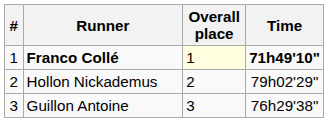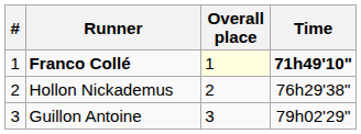 <table class="wikitable" style="font-size:95%;width:320px;">
 <tr>
 <th width=6%>#</th>
 <th width=54%>Runner</th>
 <th width=20%>Overall place</th>
 <th width=20%>Time</th>
 </tr>
 <tr>
 <td align=center>1</td>
 <td> <strong>Franco Collé</strong></td>
 <td style="background: lightyellow;">1</td>
 <td align=center><strong>71h49'10"</strong></td>
 </tr>
 <tr>
 <td align=center>2</td>
 <td> Hollon Nickademus</td>
 <td>2</td>
-<td align=center>79h02'29"</td>
+<td align=center>76h29'38"</td>
 </tr>
 <tr>
 <td align=center>3</td>
 <td> Guillon Antoine</td>
 <td>3</td>
-<td align=center>76h29'38"</td>
+<td align=center>79h02'29"</td>
 </tr>
 <tr>
 </tr>
 </table>
